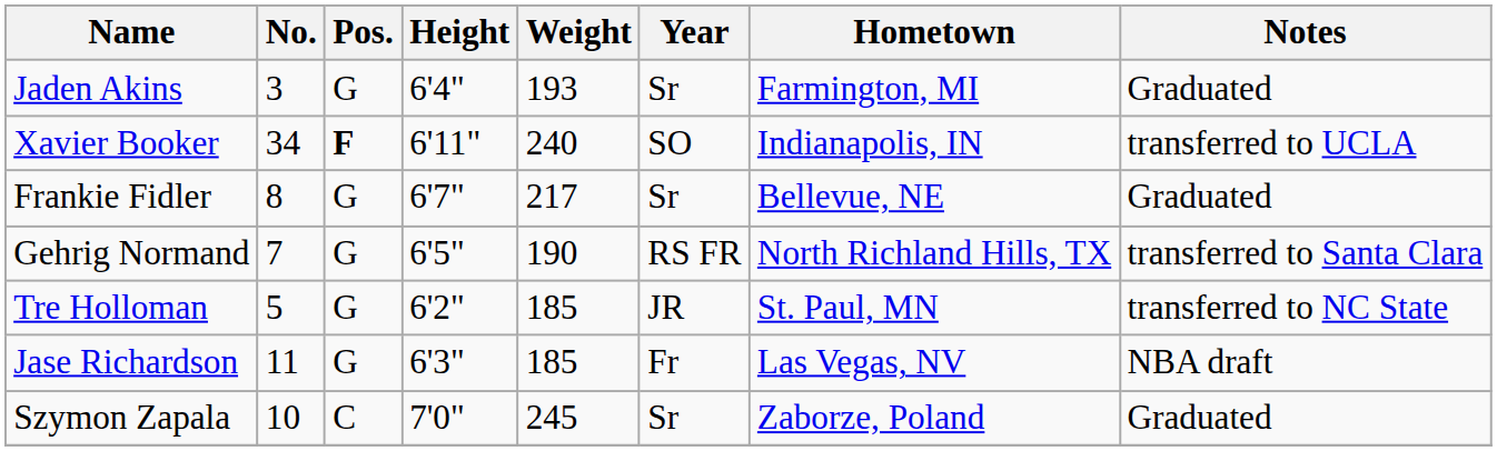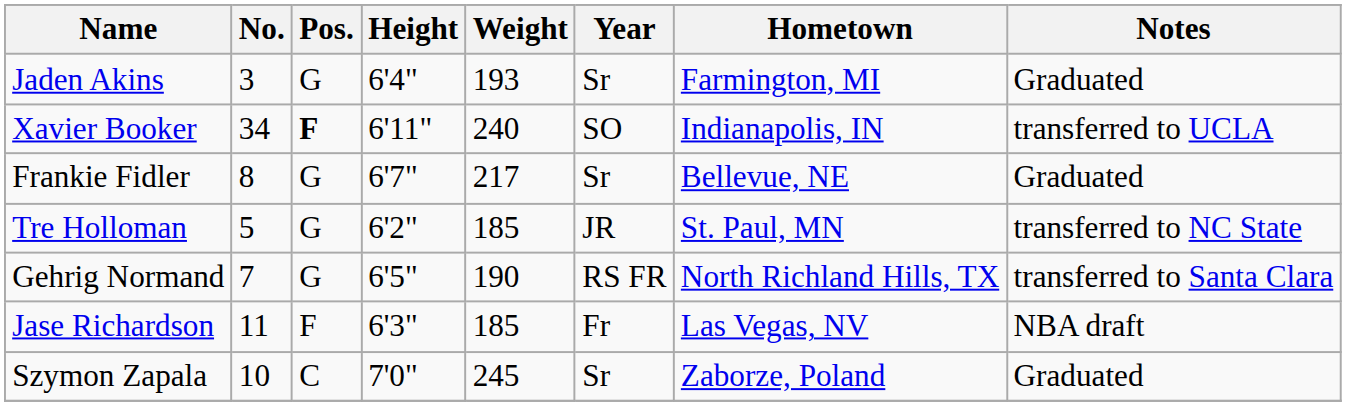 <table class="wikitable sortable" border="1">
 <tr align="center">
 <th>Name</th>
 <th>No.</th>
 <th>Pos.</th>
 <th>Height</th>
 <th>Weight</th>
 <th>Year</th>
 <th>Hometown</th>
 <th>Notes</th>
 </tr>
 <tr>
 <td><a href='#'>Jaden Akins</a></td>
 <td>3</td>
 <td>G</td>
 <td>6'4"</td>
 <td>193</td>
 <td>Sr</td>
 <td><a href='#'>Farmington, MI</a></td>
 <td>Graduated</td>
 </tr>
 <tr>
 <td><a href='#'>Xavier Booker</a></td>
 <td>34</td>
 <td><strong>F</strong></td>
 <td>6'11"</td>
 <td>240</td>
 <td>SO</td>
 <td><a href='#'>Indianapolis, IN</a></td>
 <td>transferred to <a href='#'>UCLA</a></td>
 </tr>
 <tr>
 <td>Frankie Fidler</td>
 <td>8</td>
 <td>G</td>
 <td>6'7"</td>
 <td>217</td>
 <td>Sr</td>
 <td><a href='#'>Bellevue, NE</a></td>
 <td>Graduated</td>
 </tr>
 <tr>
+<td><a href='#'>Tre Holloman</a></td>
+<td>5</td>
+<td>G</td>
+<td>6'2"</td>
+<td>185</td>
+<td>JR</td>
+<td><a href='#'>St. Paul, MN</a></td>
+<td>transferred to <a href='#'>NC State</a></td>
+</tr>
+<tr>
 <td>Gehrig Normand</td>
 <td>7</td>
 <td>G</td>
 <td>6'5"</td>
 <td>190</td>
 <td>RS FR</td>
 <td><a href='#'>North Richland Hills, TX</a></td>
 <td>transferred to <a href='#'>Santa Clara</a></td>
 </tr>
 <tr>
-<td><a href='#'>Tre Holloman</a></td>
-<td>5</td>
-<td>G</td>
-<td>6'2"</td>
-<td>185</td>
-<td>JR</td>
-<td><a href='#'>St. Paul, MN</a></td>
-<td>transferred to <a href='#'>NC State</a></td>
-</tr>
-<tr>
 <td><a href='#'>Jase Richardson</a></td>
 <td>11</td>
-<td>G</td>
+<td>F</td>
 <td>6'3"</td>
 <td>185</td>
 <td>Fr</td>
 <td><a href='#'>Las Vegas, NV</a></td>
 <td>NBA draft</td>
 </tr>
 <tr>
 <td>Szymon Zapala</td>
 <td>10</td>
 <td>C</td>
 <td>7'0"</td>
 <td>245</td>
 <td>Sr</td>
 <td><a href='#'>Zaborze, Poland</a></td>
 <td>Graduated</td>
 </tr>
 <tr>
 </tr>
 </table>
